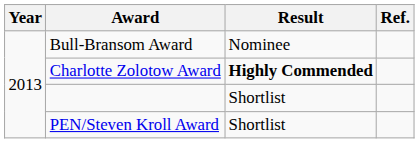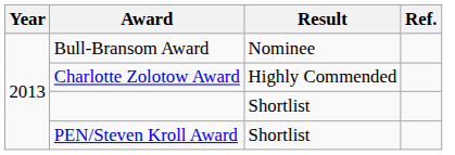 <table class="wikitable">
 <tr>
 <th>Year</th>
 <th>Award</th>
 <th>Result</th>
 <th>Ref.</th>
 </tr>
 <tr>
 <td rowspan="4">2013</td>
 <td>Bull-Bransom Award</td>
 <td>Nominee</td>
 <td></td>
 </tr>
 <tr>
 <td><a href='#'>Charlotte Zolotow Award</a></td>
-<td><strong>Highly Commended</strong></td>
+<td>Highly Commended</td>
 <td></td>
 </tr>
 <tr>
 <td></td>
 <td>Shortlist</td>
 <td></td>
 </tr>
 <tr>
 <td><a href='#'>PEN/Steven Kroll Award</a></td>
 <td>Shortlist</td>
 <td></td>
 </tr>
 </table>
